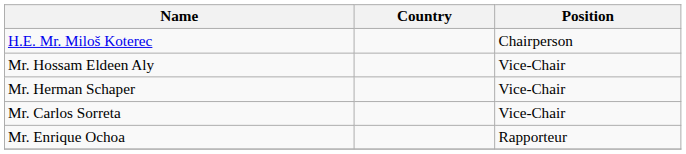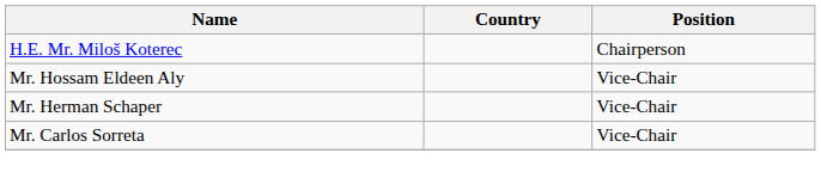 <table class="wikitable" style="display: inline-table; width: 45%">
 <tr>
 <th>Name</th>
 <th>Country</th>
 <th>Position</th>
 </tr>
 <tr>
 <td><a href='#'>H.E. Mr. Miloš Koterec</a></td>
 <td></td>
 <td>Chairperson</td>
 </tr>
 <tr>
 <td>Mr. Hossam Eldeen Aly</td>
 <td></td>
 <td>Vice-Chair</td>
 </tr>
 <tr>
 <td>Mr. Herman Schaper</td>
 <td></td>
 <td>Vice-Chair</td>
 </tr>
 <tr>
 <td>Mr. Carlos Sorreta</td>
 <td></td>
 <td>Vice-Chair</td>
 </tr>
 <tr>
-<td>Mr. Enrique Ochoa</td>
-<td></td>
-<td>Rapporteur</td>
-</tr>
-<tr>
 </tr>
 </table>
